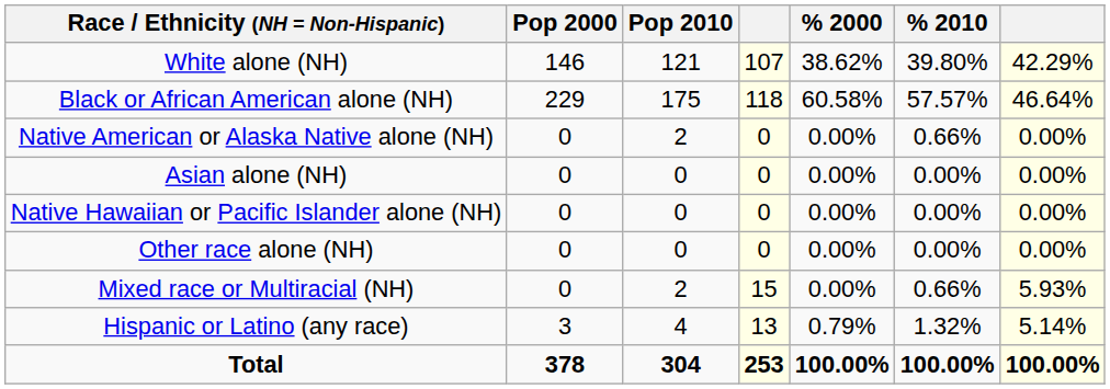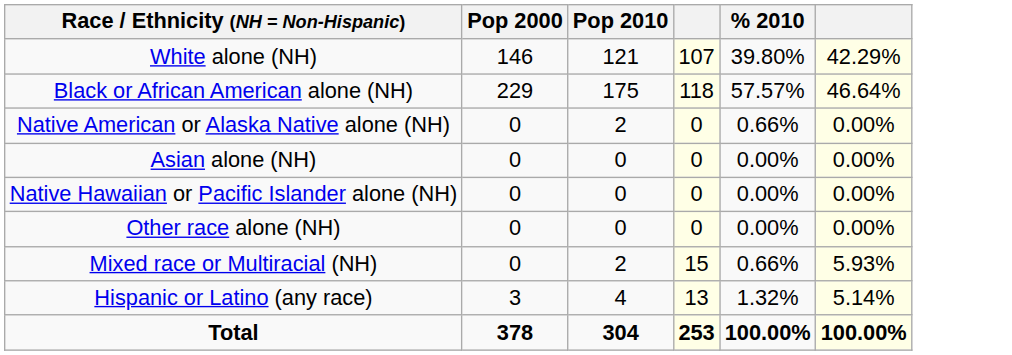 <table class="wikitable" style="text-align:center;">
 <tr>
 <th>Race / Ethnicity <small>(<em>NH = Non-Hispanic</em>)</small></th>
 <th>Pop 2000</th>
 <th>Pop 2010</th>
 <th></th>
-<th>% 2000</th>
 <th>% 2010</th>
 <th></th>
 </tr>
 <tr>
 <td><a href='#'>White</a> alone (NH)</td>
 <td>146</td>
 <td>121</td>
 <td style='background: #ffffe6;'>107</td>
-<td>38.62%</td>
 <td>39.80%</td>
 <td style='background: #ffffe6;'>42.29%</td>
 </tr>
 <tr>
 <td><a href='#'>Black or African American</a> alone (NH)</td>
 <td>229</td>
 <td>175</td>
 <td style='background: #ffffe6;'>118</td>
-<td>60.58%</td>
 <td>57.57%</td>
 <td style='background: #ffffe6;'>46.64%</td>
 </tr>
 <tr>
 <td><a href='#'>Native American</a> or <a href='#'>Alaska Native</a> alone (NH)</td>
 <td>0</td>
 <td>2</td>
 <td style='background: #ffffe6;'>0</td>
-<td>0.00%</td>
 <td>0.66%</td>
 <td style='background: #ffffe6;'>0.00%</td>
 </tr>
 <tr>
 <td><a href='#'>Asian</a> alone (NH)</td>
 <td>0</td>
 <td>0</td>
 <td style='background: #ffffe6;'>0</td>
 <td>0.00%</td>
-<td>0.00%</td>
 <td style='background: #ffffe6;'>0.00%</td>
 </tr>
 <tr>
 <td><a href='#'>Native Hawaiian</a> or <a href='#'>Pacific Islander</a> alone (NH)</td>
 <td>0</td>
 <td>0</td>
 <td style='background: #ffffe6;'>0</td>
-<td>0.00%</td>
 <td>0.00%</td>
 <td style='background: #ffffe6;'>0.00%</td>
 </tr>
 <tr>
 <td><a href='#'>Other race</a> alone (NH)</td>
 <td>0</td>
 <td>0</td>
 <td style='background: #ffffe6;'>0</td>
 <td>0.00%</td>
-<td>0.00%</td>
 <td style='background: #ffffe6;'>0.00%</td>
 </tr>
 <tr>
 <td><a href='#'>Mixed race or Multiracial</a> (NH)</td>
 <td>0</td>
 <td>2</td>
 <td style='background: #ffffe6;'>15</td>
-<td>0.00%</td>
 <td>0.66%</td>
 <td style='background: #ffffe6;'>5.93%</td>
 </tr>
 <tr>
 <td><a href='#'>Hispanic or Latino</a> (any race)</td>
 <td>3</td>
 <td>4</td>
 <td style='background: #ffffe6;'>13</td>
-<td>0.79%</td>
 <td>1.32%</td>
 <td style='background: #ffffe6;'>5.14%</td>
 </tr>
 <tr>
 <td><strong>Total</strong></td>
 <td><strong>378</strong></td>
 <td><strong>304</strong></td>
 <td style='background: #ffffe6;'><strong>253</strong></td>
 <td><strong>100.00%</strong></td>
-<td><strong>100.00%</strong></td>
 <td style='background: #ffffe6;'><strong>100.00%</strong></td>
 </tr>
 </table>
